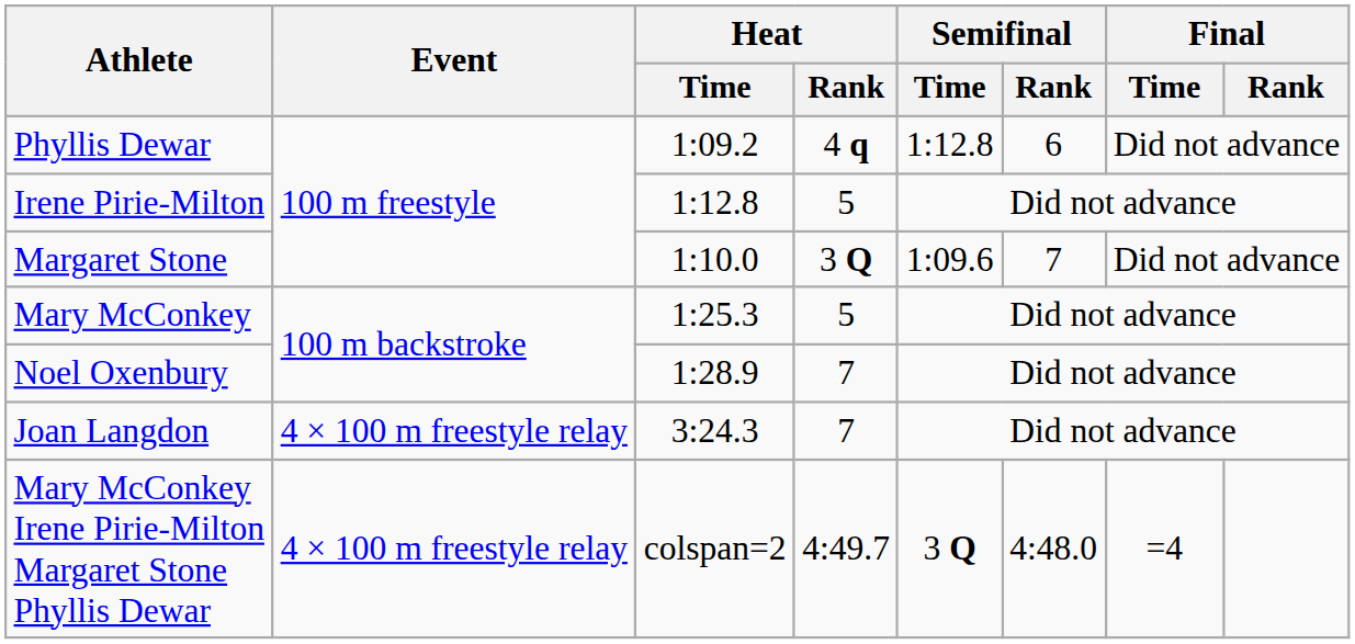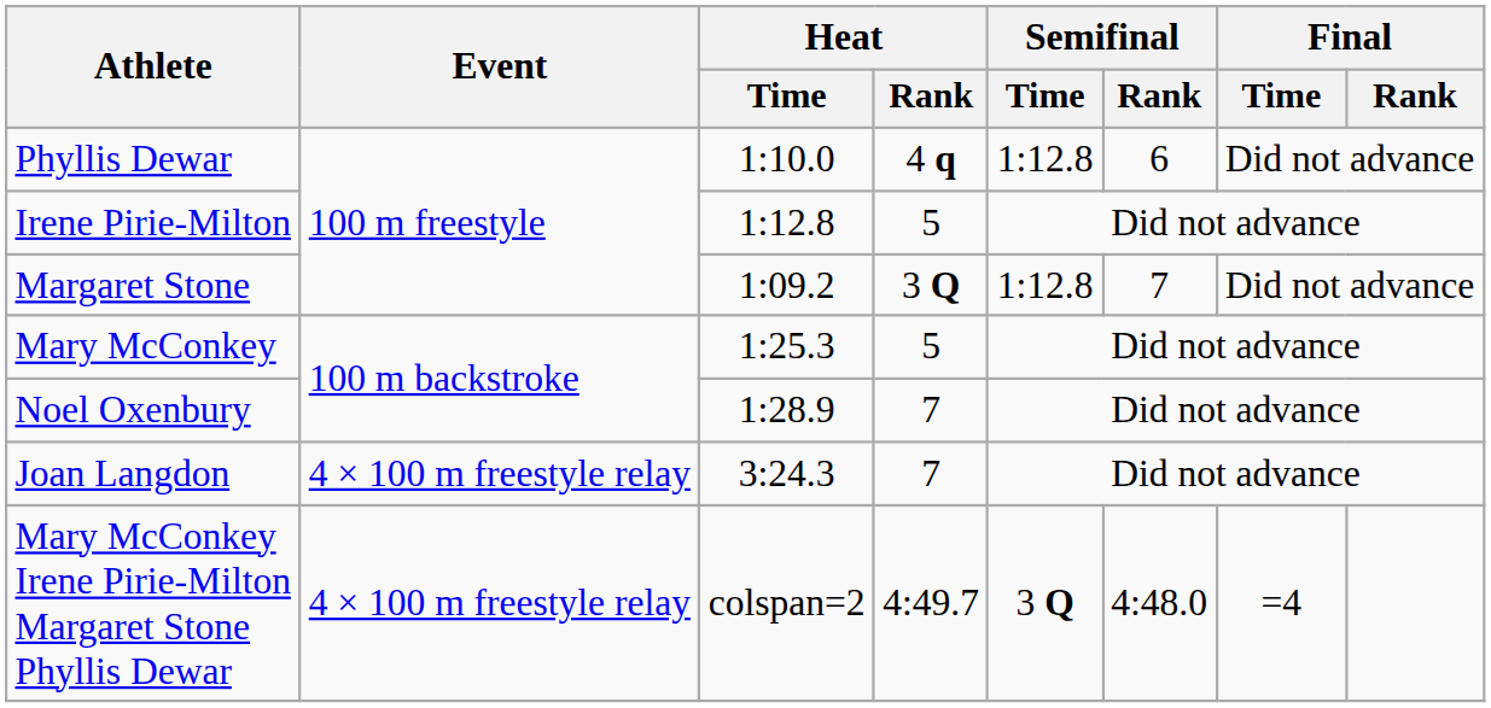 <table class=wikitable style="font-size:90%;">
 <tr>
 <th rowspan=2>Athlete</th>
 <th rowspan=2>Event</th>
 <th colspan=2>Heat</th>
 <th colspan=2>Semifinal</th>
 <th colspan=2>Final</th>
 </tr>
 <tr style="font-size:95%">
 <th>Time</th>
 <th>Rank</th>
 <th>Time</th>
 <th>Rank</th>
 <th>Time</th>
 <th>Rank</th>
 </tr>
 <tr align=center>
 <td align=left><a href='#'>Phyllis Dewar</a></td>
 <td rowspan=3 align=left><a href='#'>100 m freestyle</a></td>
-<td>1:09.2</td>
+<td>1:10.0</td>
 <td>4 <strong>q</strong></td>
 <td>1:12.8</td>
 <td>6</td>
 <td colspan=2>Did not advance</td>
 </tr>
 <tr align=center>
 <td align=left><a href='#'>Irene Pirie-Milton</a></td>
 <td>1:12.8</td>
 <td>5</td>
 <td colspan=4>Did not advance</td>
 </tr>
 <tr align=center>
 <td align=left><a href='#'>Margaret Stone</a></td>
-<td>1:10.0</td>
+<td>1:09.2</td>
 <td>3 <strong>Q</strong></td>
-<td>1:09.6</td>
+<td>1:12.8</td>
 <td>7</td>
 <td colspan=2>Did not advance</td>
 </tr>
 <tr align=center>
 <td align=left><a href='#'>Mary McConkey</a></td>
 <td rowspan=2 align=left><a href='#'>100 m backstroke</a></td>
 <td>1:25.3</td>
 <td>5</td>
 <td colspan=4>Did not advance</td>
 </tr>
 <tr align=center>
 <td align=left><a href='#'>Noel Oxenbury</a></td>
 <td>1:28.9</td>
 <td>7</td>
 <td colspan=4>Did not advance</td>
 </tr>
 <tr align=center>
 <td align=left><a href='#'>Joan Langdon</a></td>
 <td align=left><a href='#'>4 × 100 m freestyle relay</a></td>
 <td>3:24.3</td>
 <td>7</td>
 <td colspan=4>Did not advance</td>
 </tr>
 <tr align=center>
 <td align=left><a href='#'>Mary McConkey</a><br><a href='#'>Irene Pirie-Milton</a><br><a href='#'>Margaret Stone</a><br><a href='#'>Phyllis Dewar</a></td>
 <td align=left><a href='#'>4 × 100 m freestyle relay</a></td>
 <td>colspan=2 </td>
 <td>4:49.7</td>
 <td>3 <strong>Q</strong></td>
 <td>4:48.0</td>
 <td>=4</td>
 </tr>
 </table>
